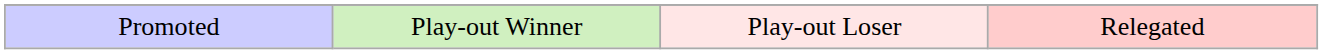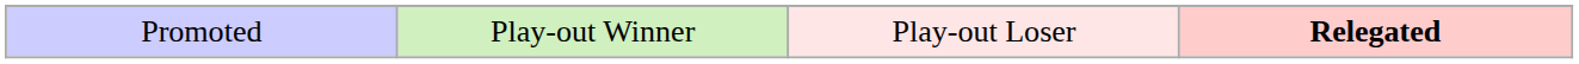 <table class="wikitable" style="font-size:90%; text-align:center;">
 <tr>
 </tr>
 <tr>
 <td style="background:#ccccff;" width=14%>Promoted</td>
 <td style="background:#D0F0C0;" width=14%>Play-out Winner</td>
 <td style="background:#FFE6E6;" width=14%>Play-out Loser</td>
-<td style="background:#fcc;" width=14%>Relegated</td>
+<td style="background:#fcc;" width=14%><strong>Relegated</strong></td>
 </tr>
 </table>
